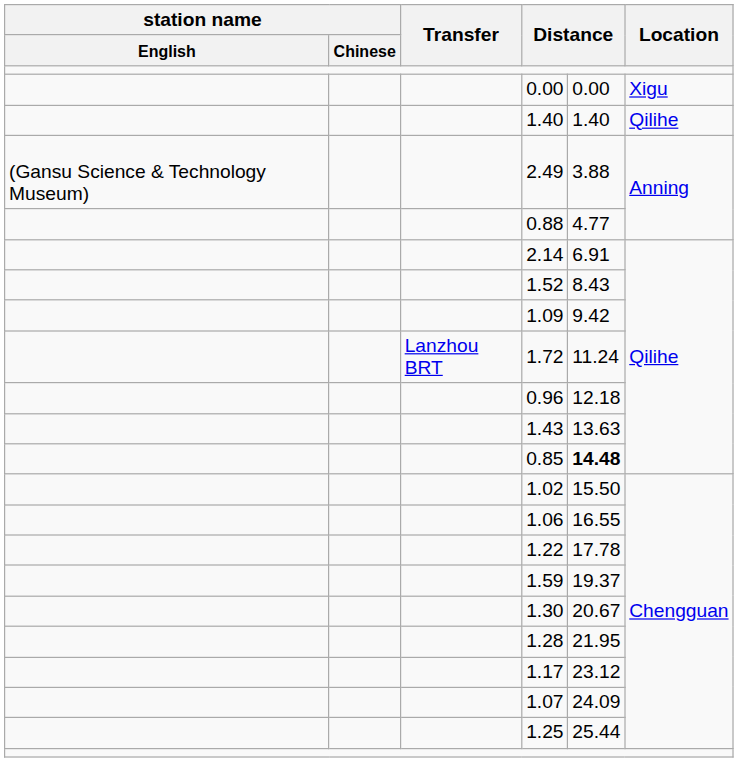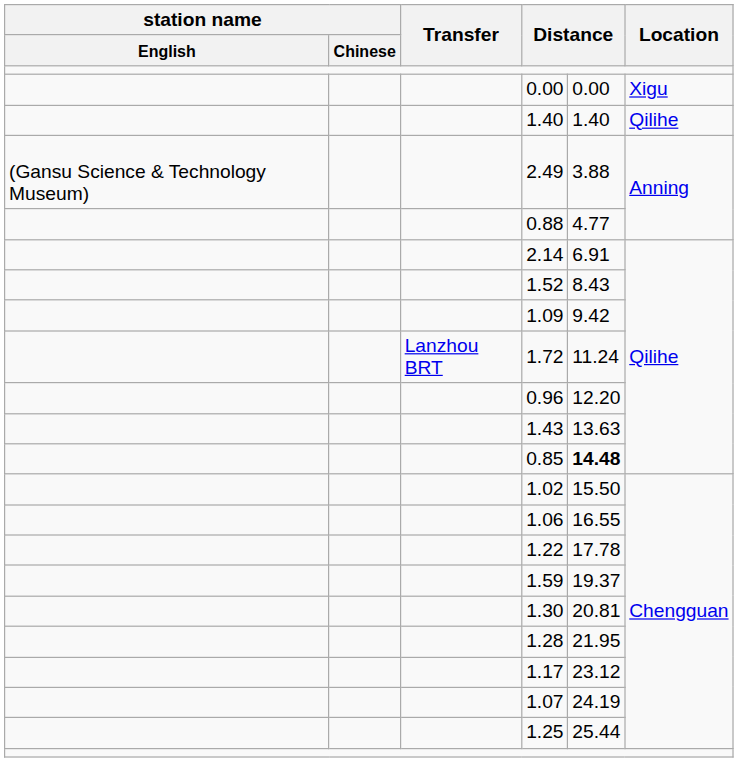 <table class="wikitable">
 <tr>
 <th colspan=2>station name</th>
 <th rowspan=2>Transfer</th>
 <th colspan="2" rowspan="2">Distance<br></th>
 <th rowspan=2>Location</th>
 </tr>
 <tr>
 <th><small>English</small></th>
 <th><small>Chinese</small></th>
 </tr>
 <tr style="background:#">
 <td colspan = "7"></td>
 </tr>
 <tr>
 <td></td>
 <td></td>
 <td></td>
 <td>0.00</td>
 <td>0.00</td>
 <td><a href='#'>Xigu</a></td>
 </tr>
 <tr>
 <td></td>
 <td></td>
 <td></td>
 <td>1.40</td>
 <td>1.40</td>
 <td><a href='#'>Qilihe</a></td>
 </tr>
 <tr>
 <td><br>(Gansu Science & Technology Museum)</td>
 <td></td>
 <td></td>
 <td>2.49</td>
 <td>3.88</td>
 <td rowspan="2"><a href='#'>Anning</a></td>
 </tr>
 <tr>
 <td></td>
 <td></td>
 <td></td>
 <td>0.88</td>
 <td>4.77</td>
 </tr>
 <tr>
 <td></td>
 <td></td>
 <td></td>
 <td>2.14</td>
 <td>6.91</td>
 <td rowspan="7"><a href='#'>Qilihe</a></td>
 </tr>
 <tr>
 <td></td>
 <td></td>
 <td></td>
 <td>1.52</td>
 <td>8.43</td>
 </tr>
 <tr>
 <td></td>
 <td></td>
 <td> </td>
 <td>1.09</td>
 <td>9.42</td>
 </tr>
 <tr>
 <td></td>
 <td></td>
 <td><a href='#'>Lanzhou BRT</a></td>
 <td>1.72</td>
 <td>11.24</td>
 </tr>
 <tr>
 <td></td>
 <td></td>
 <td></td>
 <td>0.96</td>
-<td>12.18</td>
+<td>12.20</td>
 </tr>
 <tr>
 <td></td>
 <td></td>
 <td></td>
 <td>1.43</td>
 <td>13.63</td>
 </tr>
 <tr>
 <td></td>
 <td></td>
 <td></td>
 <td>0.85</td>
 <td><strong>14.48</strong></td>
 </tr>
 <tr>
 <td></td>
 <td></td>
 <td></td>
 <td>1.02</td>
 <td>15.50</td>
 <td rowspan="9"><a href='#'>Chengguan</a></td>
 </tr>
 <tr>
 <td></td>
 <td></td>
 <td></td>
 <td>1.06</td>
 <td>16.55</td>
 </tr>
 <tr>
 <td></td>
 <td></td>
 <td></td>
 <td>1.22</td>
 <td>17.78</td>
 </tr>
 <tr>
 <td></td>
 <td></td>
 <td></td>
 <td>1.59</td>
 <td>19.37</td>
 </tr>
 <tr>
 <td></td>
 <td></td>
 <td></td>
 <td>1.30</td>
-<td>20.67</td>
+<td>20.81</td>
 </tr>
 <tr>
 <td></td>
 <td></td>
 <td></td>
 <td>1.28</td>
 <td>21.95</td>
 </tr>
 <tr>
 <td></td>
 <td></td>
 <td></td>
 <td>1.17</td>
 <td>23.12</td>
 </tr>
 <tr>
 <td></td>
 <td></td>
 <td></td>
 <td>1.07</td>
-<td>24.09</td>
+<td>24.19</td>
 </tr>
 <tr>
 <td></td>
 <td></td>
 <td></td>
 <td>1.25</td>
 <td>25.44</td>
 </tr>
 <tr style="background:#">
 <td colspan = "7"></td>
 </tr>
 </table>
